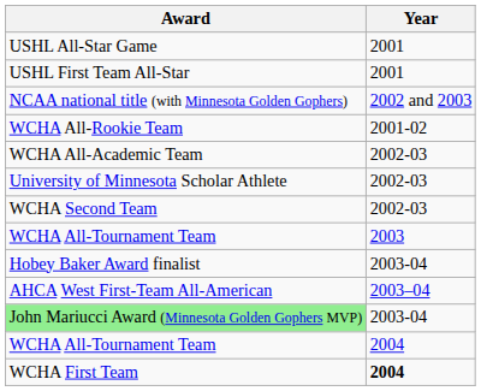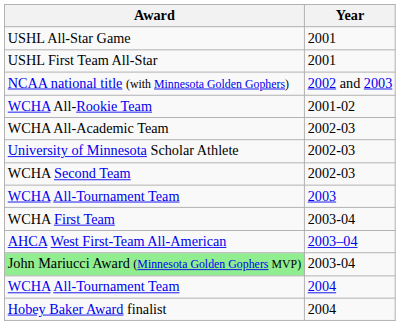 <table class="wikitable">
 <tr>
 <th>Award</th>
 <th>Year</th>
 </tr>
 <tr>
 <td>USHL All-Star Game</td>
 <td>2001</td>
 </tr>
 <tr>
 <td>USHL First Team All-Star</td>
 <td>2001</td>
 </tr>
 <tr>
 <td><a href='#'>NCAA national title</a> <small>(with <a href='#'>Minnesota Golden Gophers</a>)</small></td>
 <td><a href='#'>2002</a> and <a href='#'>2003</a></td>
 </tr>
 <tr>
 <td><a href='#'>WCHA</a> All-<a href='#'>Rookie Team</a></td>
 <td>2001-02</td>
 </tr>
 <tr>
 <td>WCHA All-Academic Team</td>
 <td>2002-03</td>
 </tr>
 <tr>
 <td><a href='#'>University of Minnesota</a> Scholar Athlete</td>
 <td>2002-03</td>
 </tr>
 <tr>
 <td>WCHA <a href='#'>Second Team</a></td>
 <td>2002-03</td>
 </tr>
 <tr>
 <td><a href='#'>WCHA</a> <a href='#'>All-Tournament Team</a></td>
 <td><a href='#'>2003</a></td>
 </tr>
 <tr>
-<td><a href='#'>Hobey Baker Award</a> finalist</td>
+<td>WCHA <a href='#'>First Team</a></td>
 <td>2003-04</td>
 </tr>
 <tr>
 <td><a href='#'>AHCA</a> <a href='#'>West First-Team All-American</a></td>
 <td><a href='#'>2003–04</a></td>
 </tr>
 <tr>
 <td style="background: lightgreen;">John Mariucci Award <small>(<a href='#'>Minnesota Golden Gophers</a> MVP)</small></td>
 <td>2003-04</td>
 </tr>
 <tr>
 <td><a href='#'>WCHA</a> <a href='#'>All-Tournament Team</a></td>
 <td><a href='#'>2004</a></td>
 </tr>
 <tr>
-<td>WCHA <a href='#'>First Team</a></td>
-<td><strong>2004</strong></td>
+<td><a href='#'>Hobey Baker Award</a> finalist</td>
+<td>2004</td>
 </tr>
 </table>
